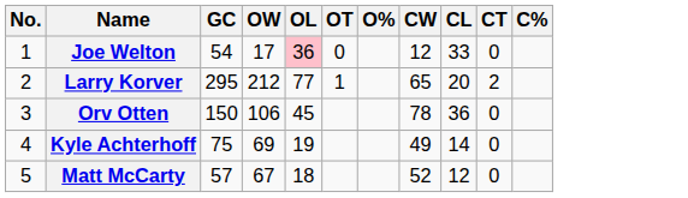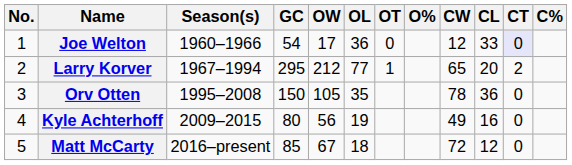 <table class="wikitable sortable plainrowheaders" style="text-align:center">
 <tr>
 <th class="unsortable">No.</th>
 <th>Name</th>
+<th>Season(s)</th>
 <th>GC</th>
 <th>OW</th>
 <th>OL</th>
 <th>OT</th>
 <th>O%</th>
 <th>CW</th>
 <th>CL</th>
 <th>CT</th>
 <th>C%</th>
 </tr>
 <tr>
 <td>1</td>
 <th scope="row"><a href='#'>Joe Welton</a></th>
+<td>1960–1966</td>
 <td>54</td>
 <td>17</td>
-<td style="background: pink;">36</td>
+<td>36</td>
 <td>0</td>
 <td></td>
 <td>12</td>
 <td>33</td>
-<td>0</td>
+<td style="background: lavender;">0</td>
 <td></td>
 </tr>
 <tr>
 <td>2</td>
 <th scope="row"><a href='#'>Larry Korver</a></th>
+<td>1967–1994</td>
 <td>295</td>
 <td>212</td>
 <td>77</td>
 <td>1</td>
 <td></td>
 <td>65</td>
 <td>20</td>
 <td>2</td>
 <td></td>
 </tr>
 <tr>
 <td>3</td>
 <th scope="row"><a href='#'>Orv Otten</a></th>
+<td>1995–2008</td>
 <td>150</td>
-<td>106</td>
-<td>45</td>
+<td>105</td>
+<td>35</td>
 <td></td>
 <td></td>
 <td>78</td>
 <td>36</td>
 <td>0</td>
 <td></td>
 </tr>
 <tr>
 <td>4</td>
 <th scope="row"><a href='#'>Kyle Achterhoff</a></th>
-<td>75</td>
-<td>69</td>
+<td>2009–2015</td>
+<td>80</td>
+<td>56</td>
 <td>19</td>
 <td></td>
 <td></td>
 <td>49</td>
-<td>14</td>
+<td>16</td>
 <td>0</td>
 <td></td>
 </tr>
 <tr>
 <td>5</td>
 <th scope="row"><a href='#'>Matt McCarty</a></th>
-<td>57</td>
+<td>2016–present</td>
+<td>85</td>
 <td>67</td>
 <td>18</td>
 <td></td>
 <td></td>
-<td>52</td>
+<td>72</td>
 <td>12</td>
 <td>0</td>
 <td></td>
 </tr>
 </table>
